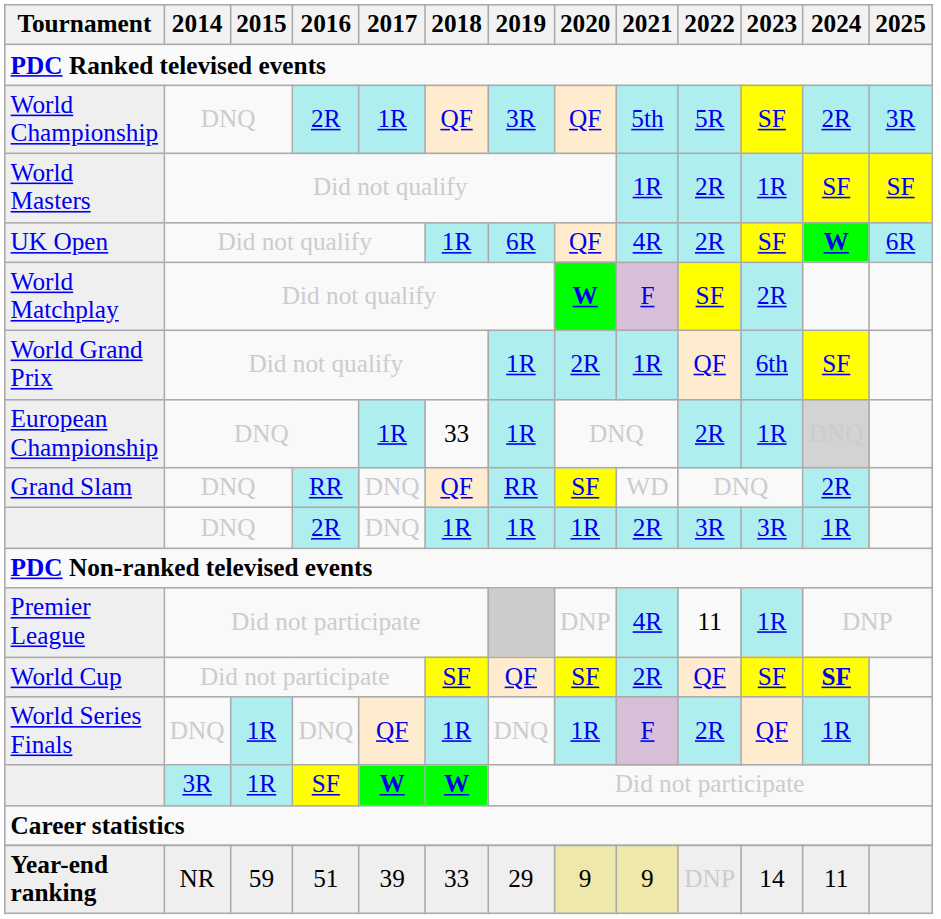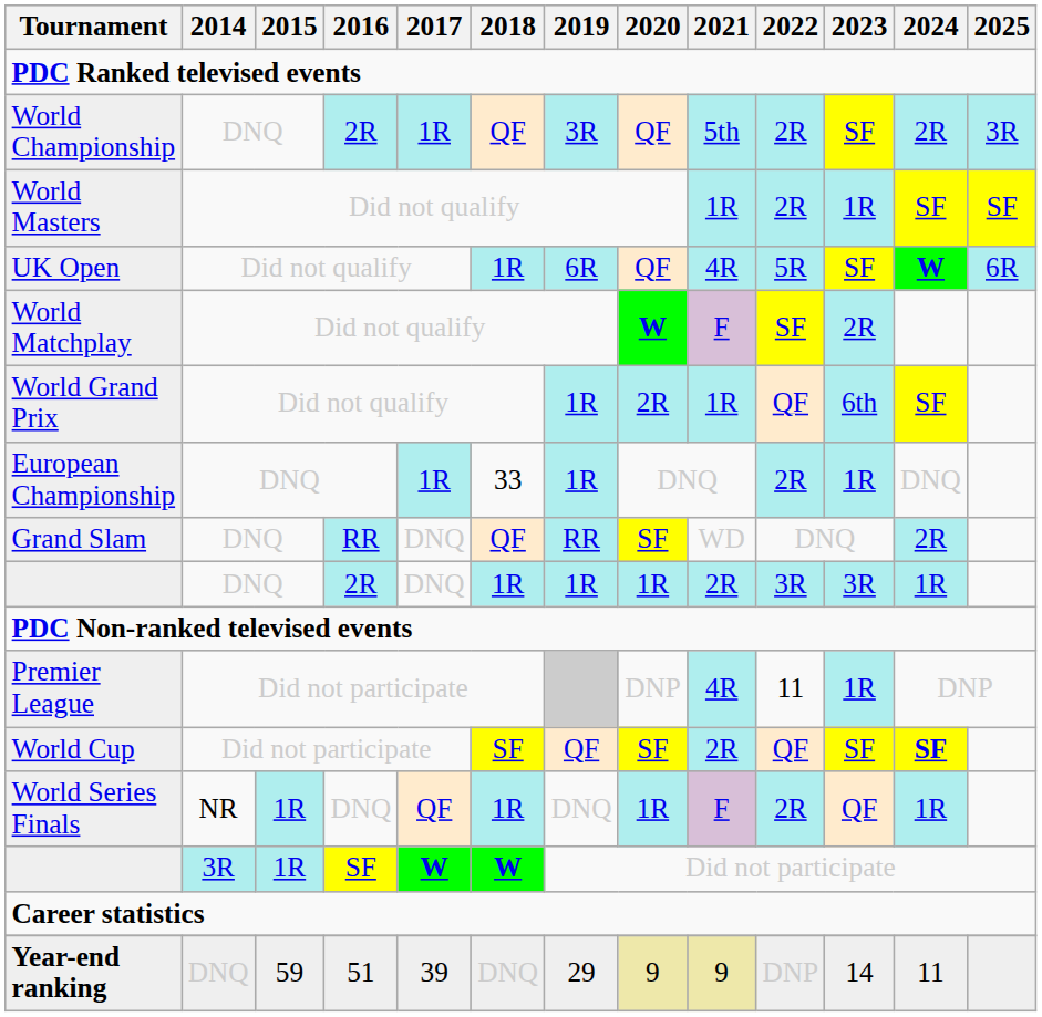 <table class="wikitable" style="width:30%; margin:0">
 <tr>
 <th>Tournament</th>
 <th>2014</th>
 <th>2015</th>
 <th>2016</th>
 <th>2017</th>
 <th>2018</th>
 <th>2019</th>
 <th>2020</th>
 <th>2021</th>
 <th>2022</th>
 <th>2023</th>
 <th>2024</th>
 <th>2025</th>
 </tr>
 <tr>
 <td colspan="17" align="left"><strong><a href='#'>PDC</a> Ranked televised events</strong></td>
 </tr>
 <tr>
 <td style="background:#efefef;"><a href='#'>World Championship</a></td>
 <td colspan="2" style="text-align:center; color:#ccc;">DNQ</td>
 <td style="text-align:center; background:#afeeee;"><a href='#'>2R</a></td>
 <td style="text-align:center; background:#afeeee;"><a href='#'>1R</a></td>
 <td style="text-align:center; background:#ffebcd;"><a href='#'>QF</a></td>
 <td style="text-align:center; background:#afeeee;"><a href='#'>3R</a></td>
 <td style="text-align:center; background:#ffebcd;"><a href='#'>QF</a></td>
 <td style="text-align:center; background:#afeeee;"><a href='#'>5th</a></td>
-<td style="text-align:center; background:#afeeee;"><a href='#'>5R</a></td>
+<td style="text-align:center; background:#afeeee;"><a href='#'>2R</a></td>
 <td style="text-align:center; background:yellow;"><a href='#'>SF</a></td>
 <td style="text-align:center; background:#afeeee;"><a href='#'>2R</a></td>
 <td style="text-align:center; background:#afeeee;"><a href='#'>3R</a></td>
 </tr>
 <tr>
 <td style="background:#efefef;"><a href='#'>World Masters</a></td>
 <td colspan="7" style="text-align:center; color:#ccc;">Did not qualify</td>
 <td style="text-align:center; background:#afeeee;"><a href='#'>1R</a></td>
 <td style="text-align:center; background:#afeeee;"><a href='#'>2R</a></td>
 <td style="text-align:center; background:#afeeee;"><a href='#'>1R</a></td>
 <td style="text-align:center; background:yellow;"><a href='#'>SF</a></td>
 <td style="text-align:center; background:yellow;"><a href='#'>SF</a></td>
 </tr>
 <tr>
 <td style="background:#efefef;"><a href='#'>UK Open</a></td>
 <td colspan="4" style="text-align:center; color:#ccc;">Did not qualify</td>
 <td style="text-align:center; background:#afeeee;"><a href='#'>1R</a></td>
 <td style="text-align:center; background:#afeeee;"><a href='#'>6R</a></td>
 <td style="text-align:center; background:#ffebcd;"><a href='#'>QF</a></td>
 <td style="text-align:center; background:#afeeee;"><a href='#'>4R</a></td>
-<td style="text-align:center; background:#afeeee;"><a href='#'>2R</a></td>
+<td style="text-align:center; background:#afeeee;"><a href='#'>5R</a></td>
 <td style="text-align:center; background:yellow;"><a href='#'>SF</a></td>
 <td style="text-align:center; background:lime;"><a href='#'><strong>W</strong></a></td>
 <td style="text-align:center; background:#afeeee;"><a href='#'>6R</a></td>
 </tr>
 <tr>
 <td style="background:#efefef;"><a href='#'>World Matchplay</a></td>
 <td colspan="6" style="text-align:center; color:#ccc;">Did not qualify</td>
 <td style="text-align:center; background:#0f0;"><a href='#'><strong>W</strong></a></td>
 <td style="text-align:center; background:thistle;"><a href='#'>F</a></td>
 <td style="text-align:center; background:yellow;"><a href='#'>SF</a></td>
 <td style="text-align:center; background:#afeeee;"><a href='#'>2R</a></td>
 <td></td>
 <td></td>
 </tr>
 <tr>
 <td style="background:#efefef;"><a href='#'>World Grand Prix</a></td>
 <td colspan="5" style="text-align:center; color:#ccc;">Did not qualify</td>
 <td style="text-align:center; background:#afeeee;"><a href='#'>1R</a></td>
 <td style="text-align:center; background:#afeeee;"><a href='#'>2R</a></td>
 <td style="text-align:center; background:#afeeee;"><a href='#'>1R</a></td>
 <td style="text-align:center; background:#ffebcd;"><a href='#'>QF</a></td>
 <td style="text-align:center; background:#afeeee;"><a href='#'>6th</a></td>
 <td style="text-align:center; background:yellow;"><a href='#'>SF</a></td>
 <td></td>
 </tr>
 <tr>
 <td style="background:#efefef;"><a href='#'>European Championship</a></td>
 <td colspan="3" style="text-align:center; color:#ccc;">DNQ</td>
 <td style="text-align:center; background:#afeeee;"><a href='#'>1R</a></td>
 <td style="text-align:center;">33</td>
 <td style="text-align:center; background:#afeeee;"><a href='#'>1R</a></td>
 <td colspan="2" style="text-align:center; color:#ccc;">DNQ</td>
 <td style="text-align:center; background:#afeeee;"><a href='#'>2R</a></td>
 <td style="text-align:center; background:#afeeee;"><a href='#'>1R</a></td>
-<td style="background: lightgrey; text-align:center; color:#ccc;">DNQ</td>
+<td style="text-align:center; color:#ccc;">DNQ</td>
 <td></td>
 </tr>
 <tr>
 <td style="background:#efefef;"><a href='#'>Grand Slam</a></td>
 <td colspan="2" style="text-align:center; color:#ccc;">DNQ</td>
 <td style="text-align:center; background:#afeeee;"><a href='#'>RR</a></td>
 <td style="text-align:center; color:#ccc;">DNQ</td>
 <td style="text-align:center; background:#ffebcd;"><a href='#'>QF</a></td>
 <td style="text-align:center; background:#afeeee;"><a href='#'>RR</a></td>
 <td style="text-align:center; background:yellow;"><a href='#'>SF</a></td>
 <td style="text-align:center; color:#ccc;">WD</td>
 <td colspan="2" style="text-align:center; color:#ccc;">DNQ</td>
 <td style="text-align:center; background:#afeeee;"><a href='#'>2R</a></td>
 <td></td>
 </tr>
 <tr>
 <td style="background:#efefef;"></td>
 <td colspan="2" style="text-align:center; color:#ccc;">DNQ</td>
 <td style="text-align:center; background:#afeeee;"><a href='#'>2R</a></td>
 <td style="text-align:center; color:#ccc;">DNQ</td>
 <td style="text-align:center; background:#afeeee;"><a href='#'>1R</a></td>
 <td style="text-align:center; background:#afeeee;"><a href='#'>1R</a></td>
 <td style="text-align:center; background:#afeeee;"><a href='#'>1R</a></td>
 <td style="text-align:center; background:#afeeee;"><a href='#'>2R</a></td>
 <td style="text-align:center; background:#afeeee;"><a href='#'>3R</a></td>
 <td style="text-align:center; background:#afeeee;"><a href='#'>3R</a></td>
 <td style="text-align:center; background:#afeeee;"><a href='#'>1R</a></td>
 <td></td>
 </tr>
 <tr>
 <td colspan="17" align="left"><strong><a href='#'>PDC</a> Non-ranked televised events</strong></td>
 </tr>
 <tr>
 <td style="background:#efefef;"><a href='#'>Premier League</a></td>
 <td colspan="5" style="text-align:center; color:#ccc;">Did not participate</td>
 <td style="text-align:center; background:#ccc;"><a href='#'></a></td>
 <td style="text-align:center; color:#ccc;">DNP</td>
 <td style="text-align:center; background:#afeeee;"><a href='#'>4R</a></td>
 <td style="text-align:center;">11</td>
 <td style="text-align:center; background:#afeeee;"><a href='#'>1R</a></td>
 <td colspan="2" style="text-align:center; color:#ccc;">DNP</td>
 </tr>
 <tr>
 <td style="background:#efefef;"><a href='#'>World Cup</a></td>
 <td colspan="4" style="text-align:center; color:#ccc;">Did not participate</td>
 <td style="text-align:center; background:yellow;"><a href='#'>SF</a></td>
 <td style="text-align:center; background:#ffebcd;"><a href='#'>QF</a></td>
 <td style="text-align:center; background:yellow;"><a href='#'>SF</a></td>
 <td style="text-align:center; background:#afeeee;"><a href='#'>2R</a></td>
 <td style="text-align:center; background:#ffebcd;"><a href='#'>QF</a></td>
 <td style="text-align:center; background:yellow;"><a href='#'>SF</a></td>
 <td style="text-align:center; background:yellow;"><strong><a href='#'>SF</a></strong></td>
 <td></td>
 </tr>
 <tr>
 <td style="background:#efefef;"><a href='#'>World Series Finals</a></td>
-<td style="text-align:center; color:#ccc;">DNQ</td>
+<td style="text-align:center;">NR</td>
 <td style="text-align:center; background:#afeeee;"><a href='#'>1R</a></td>
 <td style="text-align:center; color:#ccc;">DNQ</td>
 <td style="text-align:center; background:#ffebcd;"><a href='#'>QF</a></td>
 <td style="text-align:center; background:#afeeee;"><a href='#'>1R</a></td>
 <td style="text-align:center; color:#ccc;">DNQ</td>
 <td style="text-align:center; background:#afeeee;"><a href='#'>1R</a></td>
 <td style="text-align:center; background:thistle;"><a href='#'>F</a></td>
 <td style="text-align:center; background:#afeeee;"><a href='#'>2R</a></td>
 <td style="text-align:center; background:#ffebcd;"><a href='#'>QF</a></td>
 <td style="text-align:center; background:#afeeee;"><a href='#'>1R</a></td>
 <td></td>
 </tr>
 <tr>
 <td style="background:#efefef;"></td>
 <td style="text-align:center; background:#afeeee;"><a href='#'>3R</a></td>
 <td style="text-align:center; background:#afeeee;"><a href='#'>1R</a></td>
 <td style="text-align:center; background:yellow;"><a href='#'>SF</a></td>
 <td style="text-align:center; background:lime;"><a href='#'><strong>W</strong></a></td>
 <td style="text-align:center; background:lime;"><a href='#'><strong>W</strong></a></td>
 <td colspan="7" style="text-align:center; color:#ccc;">Did not participate</td>
 </tr>
 <tr>
 <td colspan="17" align="left"><strong>Career statistics</strong></td>
 </tr>
 <tr>
 </tr>
 <tr bgcolor="efefef">
 <td align="left"><strong>Year-end ranking</strong></td>
-<td style="text-align:center;">NR</td>
+<td style="text-align:center; color:#ccc;">DNQ</td>
 <td style="text-align:center;">59</td>
 <td style="text-align:center;">51</td>
 <td style="text-align:center;">39</td>
-<td style="text-align:center;">33</td>
+<td style="text-align:center; color:#ccc;">DNQ</td>
 <td style="text-align:center;">29</td>
 <td style="text-align:center; background:#eee8aa">9</td>
 <td style="text-align:center; background:#eee8aa">9</td>
 <td style="text-align:center; color:#ccc;">DNP</td>
 <td style="text-align:center;">14</td>
 <td style="text-align:center;">11</td>
 <td></td>
 </tr>
 </table>
